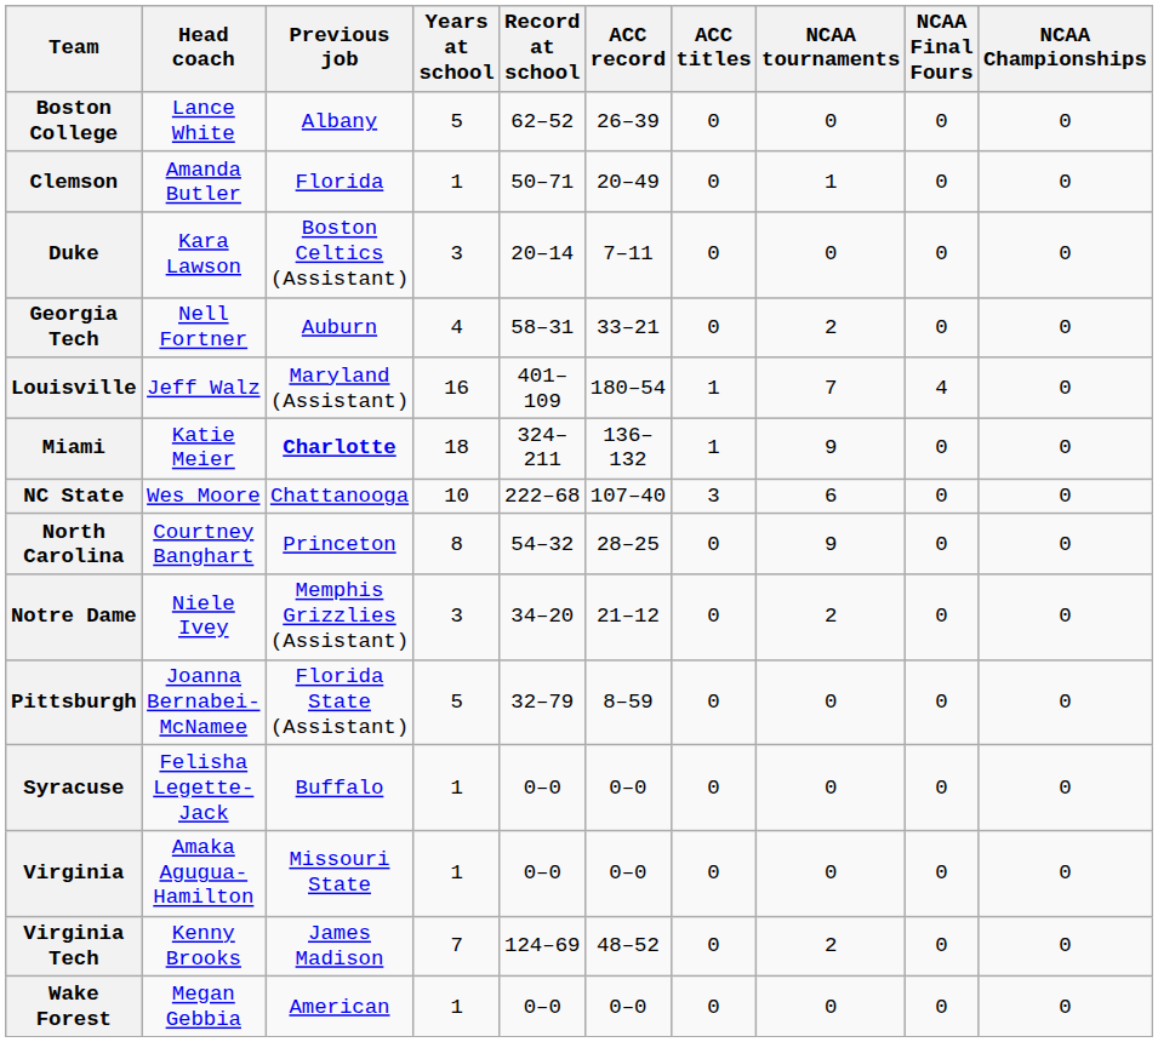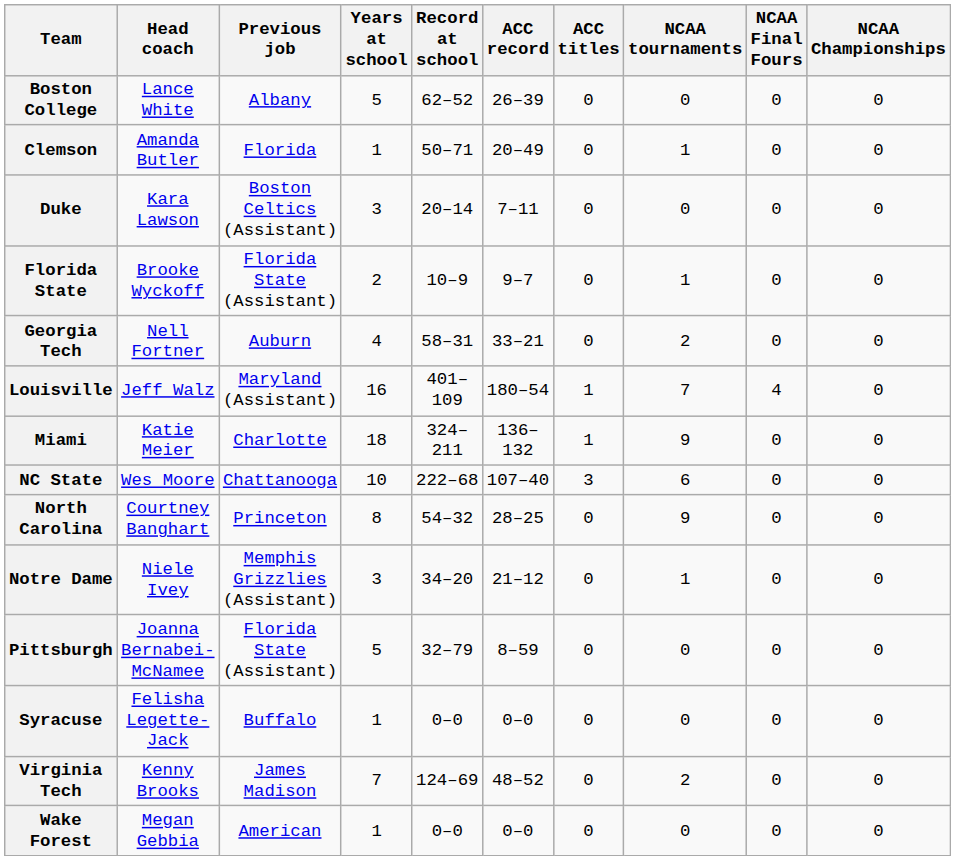 <table class="wikitable sortable" style="text-align: center;font-size:90%;">
 <tr>
 <th width="90">Team</th>
 <th>Head coach</th>
 <th>Previous job</th>
 <th>Years at school</th>
 <th>Record at school</th>
 <th>ACC record</th>
 <th>ACC titles</th>
 <th>NCAA tournaments</th>
 <th>NCAA Final Fours</th>
 <th>NCAA Championships</th>
 </tr>
 <tr>
 <th style=>Boston College</th>
 <td><a href='#'>Lance White</a></td>
 <td><a href='#'>Albany</a></td>
 <td>5</td>
 <td>62–52</td>
 <td>26–39</td>
 <td>0</td>
 <td>0</td>
 <td>0</td>
 <td>0</td>
 </tr>
 <tr>
 <th>Clemson</th>
 <td><a href='#'>Amanda Butler</a></td>
 <td><a href='#'>Florida</a></td>
 <td>1</td>
 <td>50–71</td>
 <td>20–49</td>
 <td>0</td>
 <td>1</td>
 <td>0</td>
 <td>0</td>
 </tr>
 <tr>
 <th>Duke</th>
 <td><a href='#'>Kara Lawson</a></td>
 <td><a href='#'>Boston Celtics</a> (Assistant)</td>
 <td>3</td>
 <td>20–14</td>
 <td>7–11</td>
 <td>0</td>
 <td>0</td>
 <td>0</td>
 <td>0</td>
 </tr>
 <tr>
+<th style=>Florida State</th>
+<td><a href='#'>Brooke Wyckoff</a></td>
+<td><a href='#'>Florida State</a> (Assistant)</td>
+<td>2</td>
+<td>10–9</td>
+<td>9–7</td>
+<td>0</td>
+<td>1</td>
+<td>0</td>
+<td>0</td>
+</tr>
+<tr>
 <th>Georgia Tech</th>
 <td><a href='#'>Nell Fortner</a></td>
 <td><a href='#'>Auburn</a></td>
 <td>4</td>
 <td>58–31</td>
 <td>33–21</td>
 <td>0</td>
 <td>2</td>
 <td>0</td>
 <td>0</td>
 </tr>
 <tr>
 <th>Louisville</th>
 <td><a href='#'>Jeff Walz</a></td>
 <td><a href='#'>Maryland</a> (Assistant)</td>
 <td>16</td>
 <td>401–109</td>
 <td>180–54</td>
 <td>1</td>
 <td>7</td>
 <td>4</td>
 <td>0</td>
 </tr>
 <tr>
 <th>Miami</th>
 <td><a href='#'>Katie Meier</a></td>
-<td><strong><a href='#'>Charlotte</a></strong></td>
+<td><a href='#'>Charlotte</a></td>
 <td>18</td>
 <td>324–211</td>
 <td>136–132</td>
 <td>1</td>
 <td>9</td>
 <td>0</td>
 <td>0</td>
 </tr>
 <tr>
 <th>NC State</th>
 <td><a href='#'>Wes Moore</a></td>
 <td><a href='#'>Chattanooga</a></td>
 <td>10</td>
 <td>222–68</td>
 <td>107–40</td>
 <td>3</td>
 <td>6</td>
 <td>0</td>
 <td>0</td>
 </tr>
 <tr>
 <th>North Carolina</th>
 <td><a href='#'>Courtney Banghart</a></td>
 <td><a href='#'>Princeton</a></td>
 <td>8</td>
 <td>54–32</td>
 <td>28–25</td>
 <td>0</td>
 <td>9</td>
 <td>0</td>
 <td>0</td>
 </tr>
 <tr>
 <th style=>Notre Dame</th>
 <td><a href='#'>Niele Ivey</a></td>
 <td><a href='#'>Memphis Grizzlies</a> (Assistant)</td>
 <td>3</td>
 <td>34–20</td>
 <td>21–12</td>
 <td>0</td>
-<td>2</td>
+<td>1</td>
 <td>0</td>
 <td>0</td>
 </tr>
 <tr>
 <th style=>Pittsburgh</th>
 <td><a href='#'>Joanna Bernabei-McNamee</a></td>
 <td><a href='#'>Florida State</a> (Assistant)</td>
 <td>5</td>
 <td>32–79</td>
 <td>8–59</td>
 <td>0</td>
 <td>0</td>
 <td>0</td>
 <td>0</td>
 </tr>
 <tr>
 <th style=>Syracuse</th>
 <td><a href='#'>Felisha Legette-Jack</a></td>
 <td><a href='#'>Buffalo</a></td>
-<td>1</td>
-<td>0–0</td>
-<td>0–0</td>
-<td>0</td>
-<td>0</td>
-<td>0</td>
-<td>0</td>
-</tr>
-<tr>
-<th>Virginia</th>
-<td><a href='#'>Amaka Agugua-Hamilton</a></td>
-<td><a href='#'>Missouri State</a></td>
 <td>1</td>
 <td>0–0</td>
 <td>0–0</td>
 <td>0</td>
 <td>0</td>
 <td>0</td>
 <td>0</td>
 </tr>
 <tr>
 <th>Virginia Tech</th>
 <td><a href='#'>Kenny Brooks</a></td>
 <td><a href='#'>James Madison</a></td>
 <td>7</td>
 <td>124–69</td>
 <td>48–52</td>
 <td>0</td>
 <td>2</td>
 <td>0</td>
 <td>0</td>
 </tr>
 <tr>
 <th style=>Wake Forest</th>
 <td><a href='#'>Megan Gebbia</a></td>
 <td><a href='#'>American</a></td>
 <td>1</td>
 <td>0–0</td>
 <td>0–0</td>
 <td>0</td>
 <td>0</td>
 <td>0</td>
 <td>0</td>
 </tr>
 </table>
